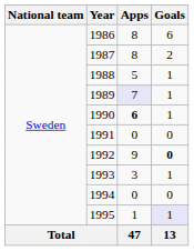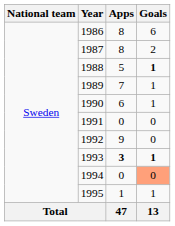 <table class="wikitable" style="text-align:center">
 <tr>
 <th>National team</th>
 <th>Year</th>
 <th>Apps</th>
 <th>Goals</th>
 </tr>
 <tr>
 <td rowspan="10"><a href='#'>Sweden</a></td>
 <td>1986</td>
 <td>8</td>
 <td>6</td>
 </tr>
 <tr>
 <td>1987</td>
 <td>8</td>
 <td>2</td>
 </tr>
 <tr>
 <td>1988</td>
 <td>5</td>
-<td>1</td>
+<td><strong>1</strong></td>
 </tr>
 <tr>
 <td>1989</td>
-<td style="background: lavender;">7</td>
+<td>7</td>
 <td>1</td>
 </tr>
 <tr>
 <td>1990</td>
-<td><strong>6</strong></td>
+<td>6</td>
 <td>1</td>
 </tr>
 <tr>
 <td>1991</td>
 <td>0</td>
 <td>0</td>
 </tr>
 <tr>
 <td>1992</td>
 <td>9</td>
-<td><strong>0</strong></td>
+<td>0</td>
 </tr>
 <tr>
 <td>1993</td>
-<td>3</td>
-<td>1</td>
+<td><strong>3</strong></td>
+<td><strong>1</strong></td>
 </tr>
 <tr>
 <td>1994</td>
 <td>0</td>
-<td>0</td>
+<td style="background: lightsalmon;">0</td>
 </tr>
 <tr>
 <td>1995</td>
 <td>1</td>
-<td style="background: lavender;">1</td>
+<td>1</td>
 </tr>
 <tr>
 <th colspan="2">Total</th>
 <th>47</th>
 <th>13</th>
 </tr>
 </table>
